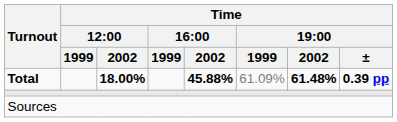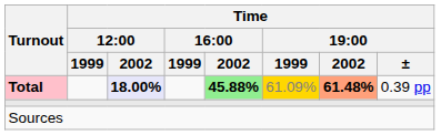 <table class="wikitable sortable" style="text-align:right;">
 <tr>
 <th rowspan="3">Turnout</th>
 <th colspan="9">Time</th>
 </tr>
 <tr>
 <th colspan="2">12:00</th>
 <th colspan="2">16:00</th>
 <th colspan="3">19:00</th>
 </tr>
 <tr>
 <th>1999</th>
 <th>2002</th>
 <th>1999</th>
 <th>2002</th>
 <th>1999</th>
 <th>2002</th>
 <th>±</th>
 </tr>
 <tr>
-<td align="left"><strong>Total</strong></td>
+<td align="left" style="background: pink;"><strong>Total</strong></td>
 <td></td>
-<td><strong>18.00%</strong></td>
+<td style="background: lavender;"><strong>18.00%</strong></td>
 <td></td>
-<td><strong>45.88%</strong></td>
-<td style="color:gray;">61.09%</td>
-<td><strong>61.48%</strong></td>
-<td><strong> 0.39 <a href='#'>pp</a></strong></td>
+<td style="background: lightgreen;"><strong>45.88%</strong></td>
+<td style="background: gold; color:gray;">61.09%</td>
+<td style="background: lightsalmon;"><strong>61.48%</strong></td>
+<td> 0.39 <a href='#'>pp</a></td>
 </tr>
 <tr>
 <td colspan="8" bgcolor="#E9E9E9"></td>
 </tr>
 <tr>
 <td align="left" colspan="8">Sources</td>
 </tr>
 </table>
